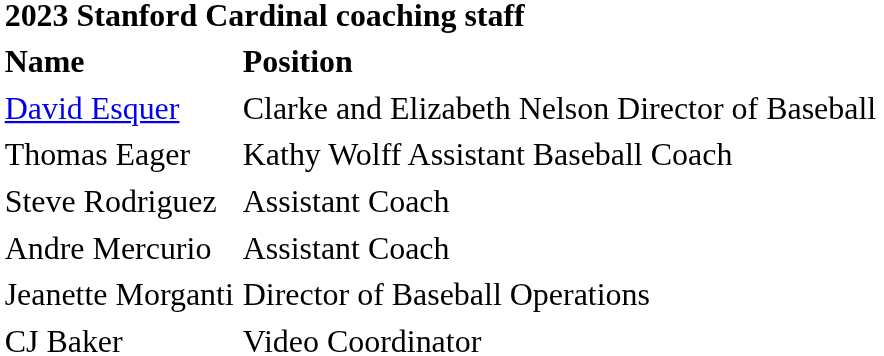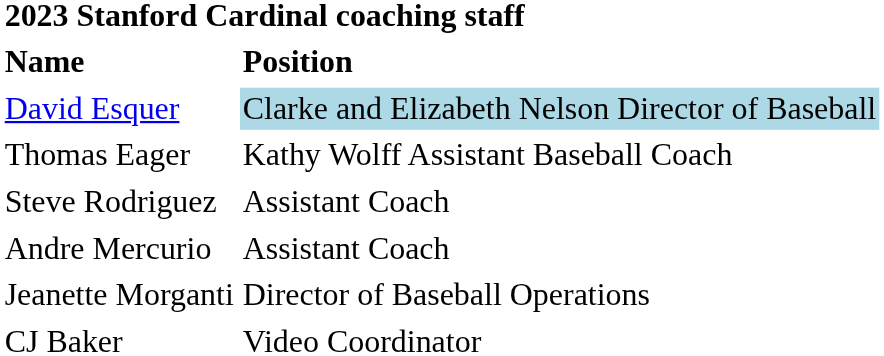 <table class="toccolours" style="text-align: left; font-size:90%;">
 <tr>
 <th colspan="9">2023 Stanford Cardinal coaching staff</th>
 </tr>
 <tr>
 <th>Name</th>
 <th>Position</th>
 </tr>
 <tr>
 <td><a href='#'>David Esquer</a></td>
-<td>Clarke and Elizabeth Nelson Director of Baseball</td>
+<td style="background: lightblue;">Clarke and Elizabeth Nelson Director of Baseball</td>
 </tr>
 <tr>
 <td>Thomas Eager</td>
 <td>Kathy Wolff Assistant Baseball Coach</td>
 </tr>
 <tr>
 <td>Steve Rodriguez</td>
 <td>Assistant Coach</td>
 </tr>
 <tr>
 <td>Andre Mercurio</td>
 <td>Assistant Coach</td>
 </tr>
 <tr>
 <td>Jeanette Morganti</td>
 <td>Director of Baseball Operations</td>
 </tr>
 <tr>
 <td>CJ Baker</td>
 <td>Video Coordinator</td>
 </tr>
 </table>
